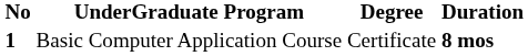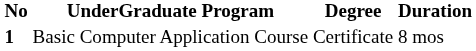 <table ->
 <tr>
 <th>No</th>
 <th>UnderGraduate  Program</th>
 <th>Degree</th>
 <th class="Duration">Duration</th>
 </tr>
 <tr>
 <td><strong>1</strong></td>
 <td>Basic Computer Application Course</td>
 <td>Certificate</td>
-<td><strong>8 mos</strong></td>
+<td>8 mos</td>
 </tr>
 <tr>
 </tr>
 </table>
